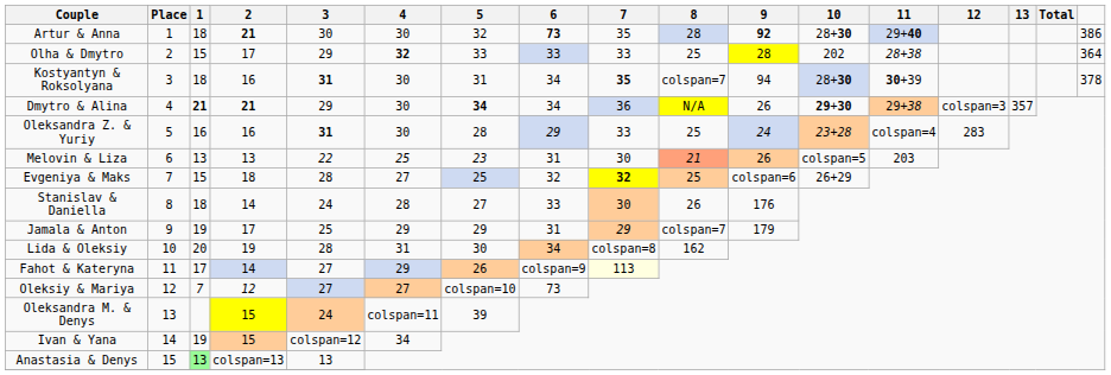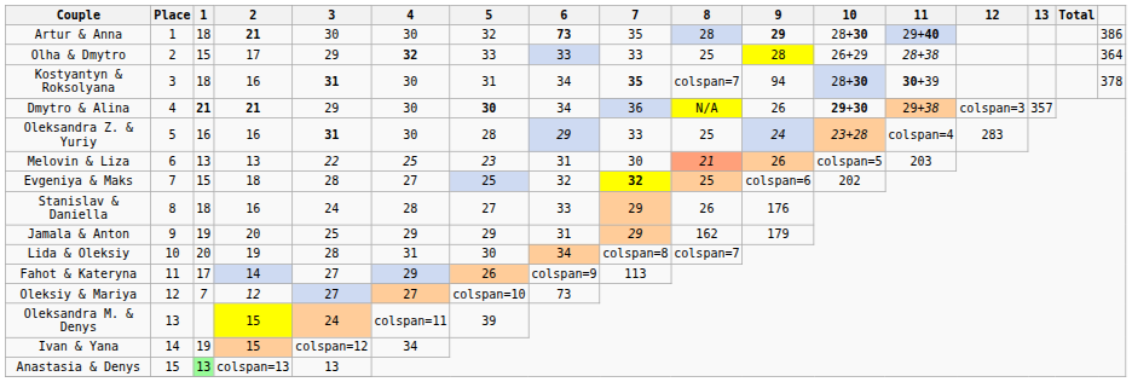 <table class="wikitable sortable" style="margin:auto; text-align: center; white-space:norwrap;">
 <tr>
 <th width="150">Couple</th>
 <th>Place</th>
 <th>1</th>
 <th>2</th>
 <th>3</th>
 <th>4</th>
 <th>5</th>
 <th>6</th>
 <th>7</th>
 <th>8</th>
 <th>9</th>
 <th>10</th>
 <th>11</th>
 <th>12</th>
 <th>13</th>
 <th>Total</th>
 </tr>
 <tr>
 <td>Artur & Anna</td>
 <td>1</td>
 <td>18</td>
 <td><span><strong>21</strong></span></td>
 <td>30</td>
 <td>30</td>
 <td>32</td>
 <td><span><strong>73</strong></span></td>
 <td>35</td>
 <td style="background:#CEDAF2;">28</td>
-<td><span><strong>92</strong></span></td>
+<td><span><strong>29</strong></span></td>
 <td>28+<span><strong>30</strong></span></td>
 <td style="background:#CEDAF2;">29+<span><strong>40</strong></span></td>
 <td></td>
 <td></td>
 <td></td>
 <td>386</td>
 </tr>
 <tr>
 <td>Olha & Dmytro</td>
 <td>2</td>
 <td>15</td>
 <td>17</td>
 <td>29</td>
 <td><span><strong>32</strong></span></td>
 <td>33</td>
 <td style="background:#CEDAF2;">33</td>
 <td>33</td>
 <td>25</td>
 <td style="background:yellow;">28</td>
-<td>202</td>
+<td>26+29</td>
 <td><span><em>28</em></span>+<span><em>38</em></span></td>
 <td></td>
 <td></td>
 <td></td>
 <td>364</td>
 </tr>
 <tr>
 <td>Kostyantyn & Roksolyana</td>
 <td>3</td>
 <td>18</td>
 <td>16</td>
 <td><span><strong>31</strong></span></td>
 <td>30</td>
 <td>31</td>
 <td>34</td>
 <td><span><strong>35</strong></span></td>
 <td>colspan=7 </td>
 <td>94</td>
 <td style="background:#CEDAF2;">28+<span><strong>30</strong></span></td>
 <td><span><strong>30</strong></span>+39</td>
 <td></td>
 <td></td>
 <td></td>
 <td>378</td>
 </tr>
 <tr>
 <td>Dmytro & Alina</td>
 <td>4</td>
 <td><span><strong>21</strong></span></td>
 <td><span><strong>21</strong></span></td>
 <td>29</td>
 <td>30</td>
-<td><span><strong>34</strong></span></td>
+<td><span><strong>30</strong></span></td>
 <td>34</td>
 <td style="background:#CEDAF2;">36</td>
 <td style="background:yellow;">N/A</td>
 <td>26</td>
 <td><span><strong>29</strong></span>+<span><strong>30</strong></span></td>
 <td style="background:#FFCC99;">29+<span><em>38</em></span></td>
 <td>colspan=3 </td>
 <td>357</td>
 </tr>
 <tr>
 <td>Oleksandra Z. & Yuriy</td>
 <td>5</td>
 <td>16</td>
 <td>16</td>
 <td><span><strong>31</strong></span></td>
 <td>30</td>
 <td>28</td>
 <td style="background:#CEDAF2;"><span><em>29</em></span></td>
 <td>33</td>
 <td>25</td>
 <td style="background:#CEDAF2;"><span><em>24</em></span></td>
 <td style="background:#FFCC99;"><span><em>23</em></span>+<span><em>28</em></span></td>
 <td>colspan=4 </td>
 <td>283</td>
 </tr>
 <tr>
 <td>Melovin & Liza</td>
 <td>6</td>
 <td>13</td>
 <td>13</td>
 <td><span><em>22</em></span></td>
 <td><span><em>25</em></span></td>
 <td><span><em>23</em></span></td>
 <td>31</td>
 <td>30</td>
 <td style="background: lightsalmon;"><span><em>21</em></span></td>
 <td style="background:#FFCC99;">26</td>
 <td>colspan=5 </td>
 <td>203</td>
 </tr>
 <tr>
 <td>Evgeniya & Maks</td>
 <td>7</td>
 <td>15</td>
 <td>18</td>
 <td>28</td>
 <td>27</td>
 <td style="background:#CEDAF2;">25</td>
 <td>32</td>
 <td style="background:yellow;"><strong>32</strong></td>
 <td style="background:#FFCC99;">25</td>
 <td>colspan=6 </td>
-<td>26+29</td>
+<td>202</td>
 </tr>
 <tr>
 <td>Stanislav & Daniella</td>
 <td>8</td>
 <td>18</td>
-<td>14</td>
+<td>16</td>
 <td>24</td>
 <td>28</td>
 <td>27</td>
 <td>33</td>
-<td style="background:#FFCC99;">30</td>
+<td style="background:#FFCC99;">29</td>
 <td>26</td>
 <td>176</td>
 </tr>
 <tr>
 <td>Jamala & Anton</td>
 <td>9</td>
 <td>19</td>
-<td>17</td>
+<td>20</td>
 <td>25</td>
 <td>29</td>
 <td>29</td>
 <td>31</td>
 <td style="background:#FFCC99;"><span><em>29</em></span></td>
-<td>colspan=7 </td>
+<td>162</td>
 <td>179</td>
 </tr>
 <tr>
 <td>Lida & Oleksiy</td>
 <td>10</td>
 <td>20</td>
 <td>19</td>
 <td>28</td>
 <td>31</td>
 <td>30</td>
 <td style="background:#FFCC99;">34</td>
 <td>colspan=8 </td>
-<td>162</td>
+<td>colspan=7 </td>
 </tr>
 <tr>
 <td>Fahot & Kateryna</td>
 <td>11</td>
 <td>17</td>
 <td style="background:#CEDAF2;">14</td>
 <td>27</td>
 <td style="background:#CEDAF2;">29</td>
 <td style="background:#FFCC99;">26</td>
 <td>colspan=9 </td>
-<td style="background: lightyellow;">113</td>
+<td>113</td>
 </tr>
 <tr>
 <td>Oleksiy & Mariya</td>
 <td>12</td>
 <td><span><em>7</em></span></td>
 <td><span><em>12</em></span></td>
 <td style="background:#CEDAF2;">27</td>
 <td style="background:#FFCC99;">27</td>
 <td>colspan=10 </td>
 <td>73</td>
 </tr>
 <tr>
 <td>Oleksandra M. & Denys</td>
 <td>13</td>
 <td></td>
 <td style="background:yellow;">15</td>
 <td style="background:#FFCC99;">24</td>
 <td>colspan=11 </td>
 <td>39</td>
 </tr>
 <tr>
 <td>Ivan & Yana</td>
 <td>14</td>
 <td>19</td>
 <td style="background:#FFCC99;">15</td>
 <td>colspan=12 </td>
 <td>34</td>
 </tr>
 <tr>
 <td>Anastasia & Denys</td>
 <td>15</td>
 <td style="background:palegreen;">13</td>
 <td>colspan=13 </td>
 <td>13</td>
 </tr>
 <tr>
 </tr>
 </table>
